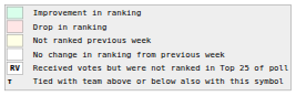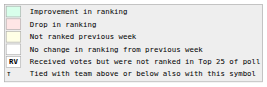 <table style="font-size:90%; border:1px solid #aaa; white-space:nowrap; background:#eee;">
 <tr>
 <td style="background:#d8ffeb; width:20px; border:1px solid #aaa;"> </td>
 <td rowspan=6> </td>
 <td>Improvement in ranking</td>
 </tr>
 <tr>
 <td style="background:#ffe6e6; width:20px; border:1px solid #aaa;"> </td>
 <td>Drop in ranking</td>
 </tr>
 <tr>
 <td style="background:#ffffe6; width:20px; border:1px solid #aaa;"> </td>
 <td>Not ranked previous week</td>
 </tr>
 <tr>
 <td style="background:#fff; width:20px; border:1px solid #aaa;"> </td>
 <td>No change in ranking from previous week</td>
 </tr>
 <tr>
 <td style="text-align:center; width:20px; border:1px solid #aaa; background:white;"><strong>RV</strong></td>
 <td>Received votes but were not ranked in Top 25 of poll</td>
 </tr>
 <tr>
-<td><strong>т</strong></td>
+<td>т</td>
 <td>Tied with team above or below also with this symbol</td>
 </tr>
 <tr>
 </tr>
 </table>
